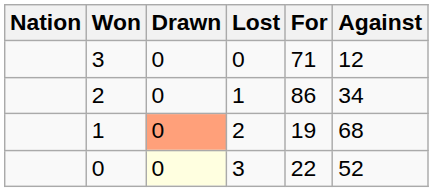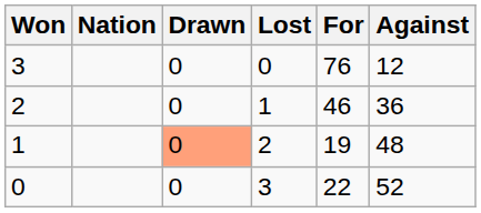 <table class="wikitable">
 <tr>
+<th>Won</th>
 <th>Nation</th>
-<th>Won</th>
 <th>Drawn</th>
 <th>Lost</th>
 <th>For</th>
 <th>Against</th>
 </tr>
 <tr>
+<td>3</td>
 <td></td>
-<td>3</td>
 <td>0</td>
 <td>0</td>
-<td>71</td>
+<td>76</td>
 <td>12</td>
 </tr>
 <tr>
+<td>2</td>
 <td></td>
-<td>2</td>
 <td>0</td>
 <td>1</td>
-<td>86</td>
-<td>34</td>
+<td>46</td>
+<td>36</td>
 </tr>
 <tr>
+<td>1</td>
 <td></td>
-<td>1</td>
 <td style="background: lightsalmon;">0</td>
 <td>2</td>
 <td>19</td>
-<td>68</td>
+<td>48</td>
 </tr>
 <tr>
+<td>0</td>
 <td></td>
 <td>0</td>
-<td style="background: lightyellow;">0</td>
 <td>3</td>
 <td>22</td>
 <td>52</td>
 </tr>
 </table>
